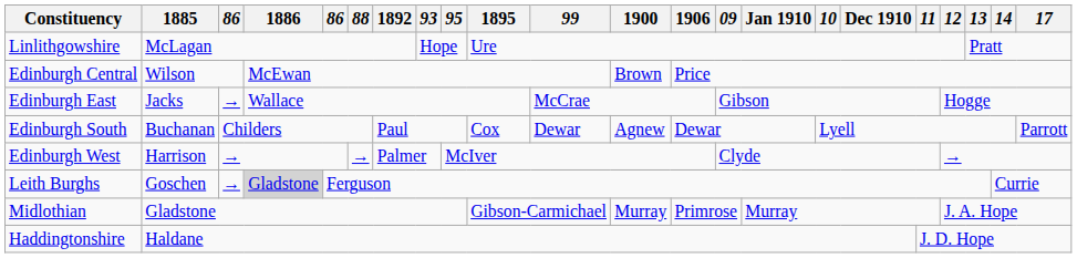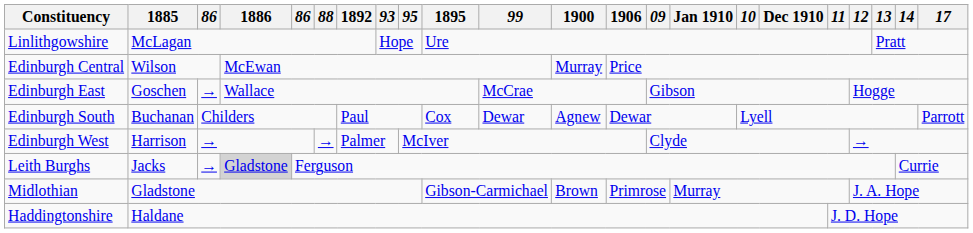 <table class="wikitable">
 <tr>
 <th>Constituency</th>
 <th>1885</th>
 <th><em>86</em></th>
 <th>1886</th>
 <th><em>86</em></th>
 <th><em>88</em></th>
 <th>1892</th>
 <th><em>93</em></th>
 <th><em>95</em></th>
 <th>1895</th>
 <th><em>99</em></th>
 <th>1900</th>
 <th>1906</th>
 <th><em>09</em></th>
 <th>Jan 1910</th>
 <th><em>10</em></th>
 <th>Dec 1910</th>
 <th><em>11</em></th>
 <th><em>12</em></th>
 <th><em>13</em></th>
 <th><em>14</em></th>
 <th><em>17</em></th>
 </tr>
 <tr>
 <td><a href='#'>Linlithgowshire</a></td>
 <td colspan="6"><a href='#'>McLagan</a></td>
 <td colspan="2"><a href='#'>Hope</a></td>
 <td colspan="10"><a href='#'>Ure</a></td>
 <td colspan="3"><a href='#'>Pratt</a></td>
 </tr>
 <tr>
 <td><a href='#'>Edinburgh Central</a></td>
 <td colspan="2"><a href='#'>Wilson</a></td>
 <td colspan="8"><a href='#'>McEwan</a></td>
-<td><a href='#'>Brown</a></td>
+<td><a href='#'>Murray</a></td>
 <td colspan="10"><a href='#'>Price</a></td>
 </tr>
 <tr>
 <td><a href='#'>Edinburgh East</a></td>
-<td bgcolor=><a href='#'>Jacks</a></td>
+<td bgcolor=><a href='#'>Goschen</a></td>
 <td bgcolor=><a href='#'>→</a></td>
 <td colspan="7"><a href='#'>Wallace</a></td>
 <td colspan="3"><a href='#'>McCrae</a></td>
 <td colspan="5"><a href='#'>Gibson</a></td>
 <td colspan="4"><a href='#'>Hogge</a></td>
 </tr>
 <tr>
 <td><a href='#'>Edinburgh South</a></td>
 <td bgcolor=><a href='#'>Buchanan</a></td>
 <td colspan="4"><a href='#'>Childers</a></td>
 <td colspan="3"><a href='#'>Paul</a></td>
 <td bgcolor=><a href='#'>Cox</a></td>
 <td><a href='#'>Dewar</a></td>
 <td bgcolor=><a href='#'>Agnew</a></td>
 <td colspan="3"><a href='#'>Dewar</a></td>
 <td colspan="6"><a href='#'>Lyell</a></td>
 <td><a href='#'>Parrott</a></td>
 </tr>
 <tr>
 <td><a href='#'>Edinburgh West</a></td>
 <td bgcolor=><a href='#'>Harrison</a></td>
 <td colspan="3" bgcolor=><a href='#'>→</a></td>
 <td bgcolor=><a href='#'>→</a></td>
 <td colspan="2"><a href='#'>Palmer</a></td>
 <td colspan="5" bgcolor=><a href='#'>McIver</a></td>
 <td colspan="5" bgcolor=><a href='#'>Clyde</a></td>
 <td colspan="4"><a href='#'>→</a></td>
 </tr>
 <tr>
 <td><a href='#'>Leith Burghs</a></td>
-<td bgcolor=><a href='#'>Goschen</a></td>
+<td bgcolor=><a href='#'>Jacks</a></td>
 <td bgcolor=><a href='#'>→</a></td>
 <td style="background: lightgrey;"><a href='#'>Gladstone</a></td>
 <td colspan="16" bgcolor=><a href='#'>Ferguson</a></td>
 <td colspan="2"><a href='#'>Currie</a></td>
 </tr>
 <tr>
 <td><a href='#'>Midlothian</a></td>
 <td colspan="8"><a href='#'>Gladstone</a></td>
 <td colspan="2"><a href='#'>Gibson-Carmichael</a></td>
-<td><a href='#'>Murray</a></td>
+<td><a href='#'>Brown</a></td>
 <td colspan="2"><a href='#'>Primrose</a></td>
 <td colspan="4"><a href='#'>Murray</a></td>
 <td colspan="4"><a href='#'>J. A. Hope</a></td>
 </tr>
 <tr>
 <td><a href='#'>Haddingtonshire</a></td>
 <td colspan="16"><a href='#'>Haldane</a></td>
 <td colspan="5"><a href='#'>J. D. Hope</a></td>
 </tr>
 </table>
